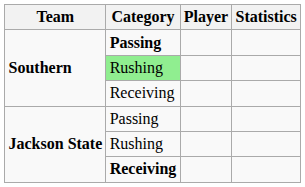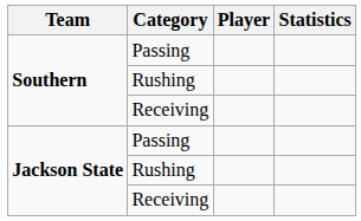 <table class="wikitable" style="float: right;">
 <tr>
 <th>Team</th>
 <th>Category</th>
 <th>Player</th>
 <th>Statistics</th>
 </tr>
 <tr>
 <td rowspan=3><strong>Southern</strong></td>
-<td><strong>Passing</strong></td>
+<td>Passing</td>
 <td></td>
 <td></td>
 </tr>
 <tr>
-<td style="background: lightgreen;">Rushing</td>
+<td>Rushing</td>
 <td></td>
 <td></td>
 </tr>
 <tr>
 <td>Receiving</td>
 <td></td>
 <td></td>
 </tr>
 <tr>
 <td rowspan=3><strong>Jackson State</strong></td>
 <td>Passing</td>
 <td></td>
 <td></td>
 </tr>
 <tr>
 <td>Rushing</td>
 <td></td>
 <td></td>
 </tr>
 <tr>
-<td><strong>Receiving</strong></td>
+<td>Receiving</td>
 <td></td>
 <td></td>
 </tr>
 </table>
